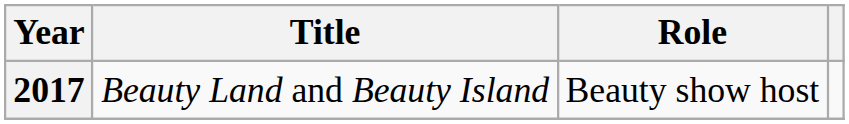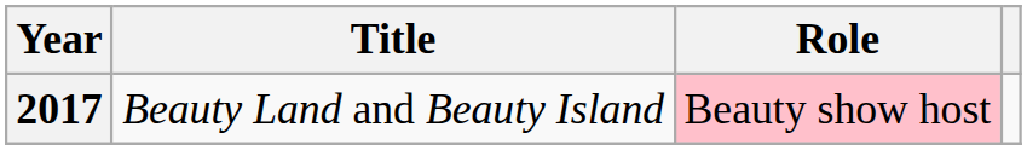 <table class="wikitable  plainrowheaders">
 <tr>
 <th scope="col">Year</th>
 <th scope="col">Title</th>
 <th scope="col">Role</th>
 <th scope="col" class="unsortable"></th>
 </tr>
 <tr>
 <th scope="row">2017</th>
 <td><em>Beauty Land</em> and <em>Beauty Island</em></td>
-<td>Beauty show host</td>
+<td style="background: pink;">Beauty show host</td>
 <td></td>
 </tr>
 <tr>
 </tr>
 </table>
